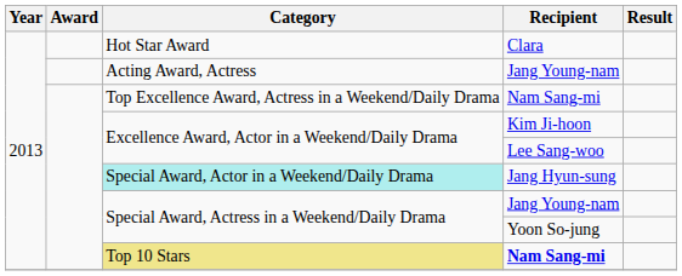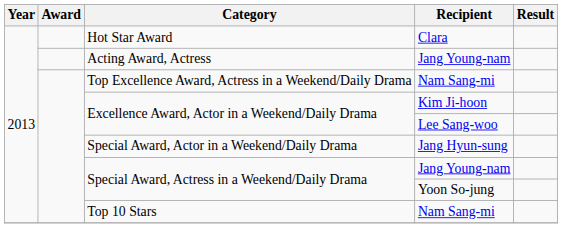 <table class="wikitable">
 <tr>
 <th>Year</th>
 <th>Award</th>
 <th>Category</th>
 <th>Recipient</th>
 <th>Result</th>
 </tr>
 <tr>
 <td rowspan=9>2013</td>
 <td></td>
 <td>Hot Star Award</td>
 <td><a href='#'>Clara</a></td>
 <td></td>
 </tr>
 <tr>
 <td></td>
 <td>Acting Award, Actress</td>
 <td><a href='#'>Jang Young-nam</a></td>
 <td></td>
 </tr>
 <tr>
 <td rowspan=7></td>
 <td>Top Excellence Award, Actress in a Weekend/Daily Drama</td>
 <td><a href='#'>Nam Sang-mi</a></td>
 <td></td>
 </tr>
 <tr>
 <td rowspan=2>Excellence Award, Actor in a Weekend/Daily Drama</td>
 <td><a href='#'>Kim Ji-hoon</a></td>
 <td></td>
 </tr>
 <tr>
 <td><a href='#'>Lee Sang-woo</a></td>
 <td></td>
 </tr>
 <tr>
-<td style="background: paleturquoise;">Special Award, Actor in a Weekend/Daily Drama</td>
+<td>Special Award, Actor in a Weekend/Daily Drama</td>
 <td><a href='#'>Jang Hyun-sung</a></td>
 <td></td>
 </tr>
 <tr>
 <td rowspan=2>Special Award, Actress in a Weekend/Daily Drama</td>
 <td><a href='#'>Jang Young-nam</a></td>
 <td></td>
 </tr>
 <tr>
 <td>Yoon So-jung</td>
 <td></td>
 </tr>
 <tr>
-<td style="background: khaki;">Top 10 Stars</td>
-<td><strong><a href='#'>Nam Sang-mi</a></strong></td>
+<td>Top 10 Stars</td>
+<td><a href='#'>Nam Sang-mi</a></td>
 <td></td>
 </tr>
 <tr>
 </tr>
 </table>
